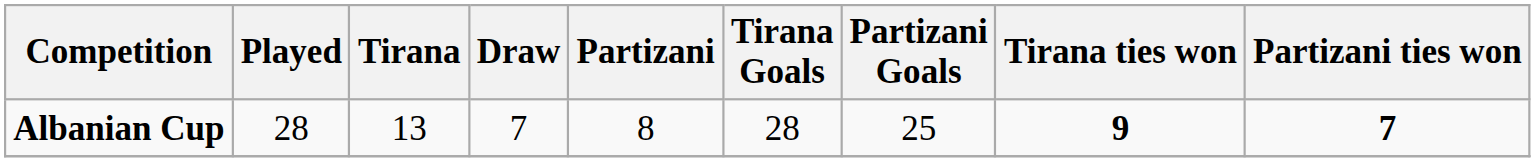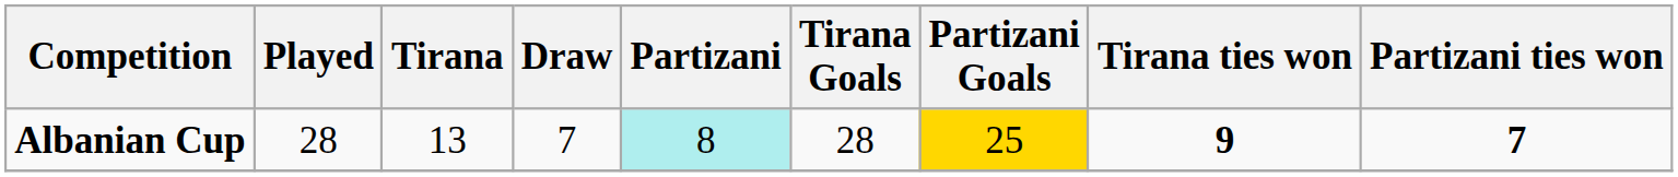 <table class=wikitable style="text-align:center">
 <tr>
 <th>Competition</th>
 <th>Played</th>
 <th>Tirana</th>
 <th>Draw</th>
 <th>Partizani</th>
 <th>Tirana <br> Goals</th>
 <th>Partizani <br> Goals</th>
 <th>Tirana ties won</th>
 <th>Partizani ties won</th>
 </tr>
 <tr>
 <td><strong>Albanian Cup</strong></td>
 <td>28</td>
 <td>13</td>
 <td>7</td>
-<td>8</td>
+<td style="background: paleturquoise;">8</td>
 <td>28</td>
-<td>25</td>
+<td style="background: gold;">25</td>
 <td><strong>9</strong></td>
 <td><strong>7</strong></td>
 </tr>
 <tr>
 </tr>
 </table>
